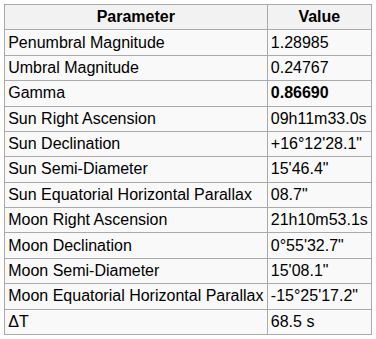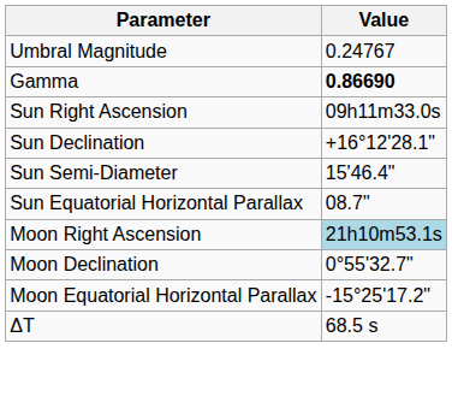 <table class="wikitable">
 <tr>
 <th>Parameter</th>
 <th>Value</th>
-</tr>
-<tr>
-<td>Penumbral Magnitude</td>
-<td>1.28985</td>
 </tr>
 <tr>
 <td>Umbral Magnitude</td>
 <td>0.24767</td>
 </tr>
 <tr>
 <td>Gamma</td>
 <td><strong>0.86690</strong></td>
 </tr>
 <tr>
 <td>Sun Right Ascension</td>
 <td>09h11m33.0s</td>
 </tr>
 <tr>
 <td>Sun Declination</td>
 <td>+16°12'28.1"</td>
 </tr>
 <tr>
 <td>Sun Semi-Diameter</td>
 <td>15'46.4"</td>
 </tr>
 <tr>
 <td>Sun Equatorial Horizontal Parallax</td>
 <td>08.7"</td>
 </tr>
 <tr>
 <td>Moon Right Ascension</td>
-<td>21h10m53.1s</td>
+<td style="background: lightblue;">21h10m53.1s</td>
 </tr>
 <tr>
 <td>Moon Declination</td>
 <td>0°55'32.7"</td>
-</tr>
-<tr>
-<td>Moon Semi-Diameter</td>
-<td>15'08.1"</td>
 </tr>
 <tr>
 <td>Moon Equatorial Horizontal Parallax</td>
 <td>-15°25'17.2"</td>
 </tr>
 <tr>
 <td>ΔT</td>
 <td>68.5 s</td>
 </tr>
 </table>
